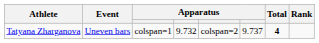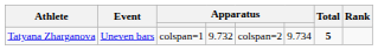 <table class="wikitable" style="font-size:90%">
 <tr>
 <th rowspan=2>Athlete</th>
 <th rowspan=2>Event</th>
 <th colspan =4>Apparatus</th>
 <th rowspan=2>Total</th>
 <th rowspan=2>Rank</th>
 </tr>
 <tr style="font-size:95%">
 <th></th>
 <th></th>
 <th></th>
 <th></th>
 </tr>
 <tr align=center>
 <td align=left rowspan=1><a href='#'>Tatyana Zharganova</a></td>
 <td align=left><a href='#'>Uneven bars</a></td>
 <td>colspan=1 </td>
 <td>9.732</td>
 <td>colspan=2 </td>
-<td>9.737</td>
-<td><strong>4</strong></td>
+<td>9.734</td>
+<td><strong>5</strong></td>
 </tr>
 </table>
